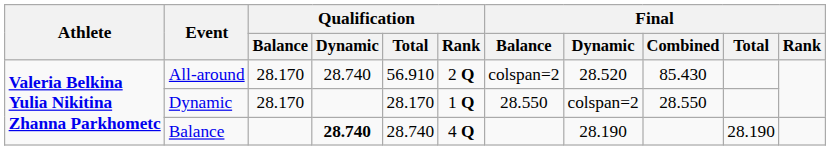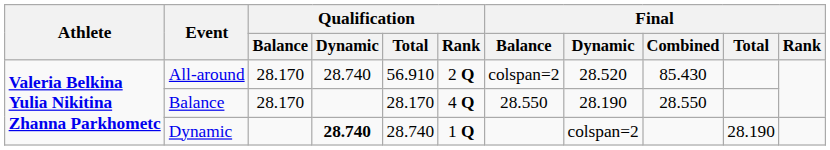 <table class="wikitable" style="text-align:center; font-size:90%">
 <tr>
 <th rowspan=2>Athlete</th>
 <th rowspan=2>Event</th>
 <th colspan=4>Qualification</th>
 <th colspan=5>Final</th>
 </tr>
 <tr style="font-size:95%">
 <th>Balance</th>
 <th>Dynamic</th>
 <th>Total</th>
 <th>Rank</th>
 <th>Balance</th>
 <th>Dynamic</th>
 <th>Combined</th>
 <th>Total</th>
 <th>Rank</th>
 </tr>
 <tr>
 <td rowspan=3 align=left><strong><a href='#'>Valeria Belkina</a><br><a href='#'>Yulia Nikitina</a><br><a href='#'>Zhanna Parkhometc</a></strong></td>
 <td align=left><a href='#'>All-around</a></td>
 <td>28.170</td>
 <td>28.740</td>
 <td>56.910</td>
 <td>2 <strong>Q</strong></td>
 <td>colspan=2 </td>
 <td>28.520</td>
 <td>85.430</td>
 <td></td>
 </tr>
 <tr>
-<td align=left><a href='#'>Dynamic</a></td>
+<td align=left><a href='#'>Balance</a></td>
 <td>28.170</td>
 <td></td>
 <td>28.170</td>
-<td>1 <strong>Q</strong></td>
+<td>4 <strong>Q</strong></td>
 <td>28.550</td>
-<td>colspan=2 </td>
+<td>28.190</td>
 <td>28.550</td>
 <td></td>
 </tr>
 <tr>
-<td align=left><a href='#'>Balance</a></td>
+<td align=left><a href='#'>Dynamic</a></td>
 <td></td>
 <td><strong>28.740</strong></td>
 <td>28.740</td>
-<td>4 <strong>Q</strong></td>
+<td>1 <strong>Q</strong></td>
 <td></td>
-<td>28.190</td>
+<td>colspan=2 </td>
 <td></td>
 <td>28.190</td>
 <td></td>
 </tr>
 </table>
